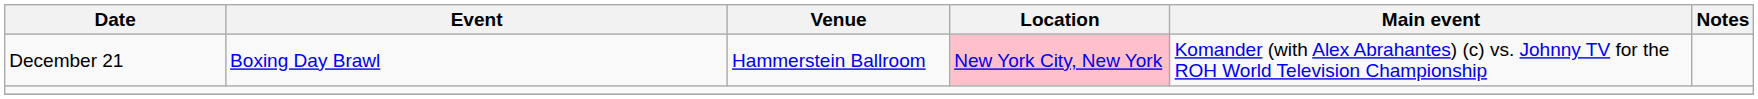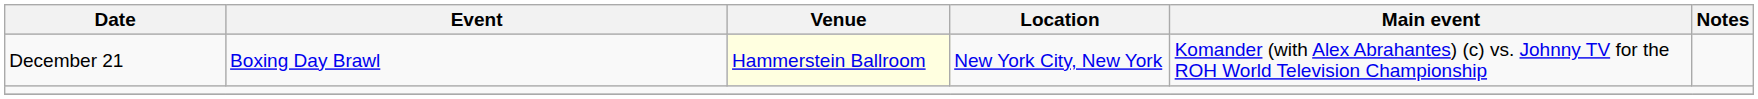 <table class="sortable wikitable succession-box" style="font-size:85%;">
 <tr>
 <th width=13%>Date</th>
 <th width="30%">Event</th>
 <th width=13%>Venue</th>
 <th width=13%>Location</th>
 <th width=50%>Main event</th>
 <th width=13%>Notes</th>
 </tr>
 <tr>
 <td>December 21<br></td>
 <td><a href='#'>Boxing Day Brawl</a></td>
-<td><a href='#'>Hammerstein Ballroom</a></td>
-<td style="background: pink;"><a href='#'>New York City, New York</a></td>
+<td style="background: lightyellow;"><a href='#'>Hammerstein Ballroom</a></td>
+<td><a href='#'>New York City, New York</a></td>
 <td><a href='#'>Komander</a> (with <a href='#'>Alex Abrahantes</a>) (c) vs. <a href='#'>Johnny TV</a> for the <a href='#'>ROH World Television Championship</a></td>
 <td></td>
 </tr>
 <tr>
 <td colspan="7"></td>
 </tr>
 <tr>
 </tr>
 </table>
